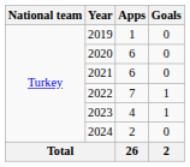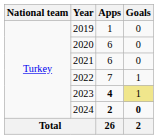 <table class="wikitable" style="text-align:center">
 <tr>
 <th>National team</th>
 <th>Year</th>
 <th>Apps</th>
 <th>Goals</th>
 </tr>
 <tr>
 <td rowspan=6><a href='#'>Turkey</a></td>
 <td>2019</td>
 <td>1</td>
 <td>0</td>
 </tr>
 <tr>
 <td>2020</td>
 <td>6</td>
 <td>0</td>
 </tr>
 <tr>
 <td>2021</td>
 <td>6</td>
 <td>0</td>
 </tr>
 <tr>
 <td>2022</td>
 <td>7</td>
 <td>1</td>
 </tr>
 <tr>
 <td>2023</td>
-<td>4</td>
-<td>1</td>
+<td><strong>4</strong></td>
+<td style="background: khaki;">1</td>
 </tr>
 <tr>
 <td>2024</td>
-<td>2</td>
-<td>0</td>
+<td><strong>2</strong></td>
+<td><strong>0</strong></td>
 </tr>
 <tr>
 <th colspan=2>Total</th>
 <th>26</th>
 <th>2</th>
 </tr>
 </table>
